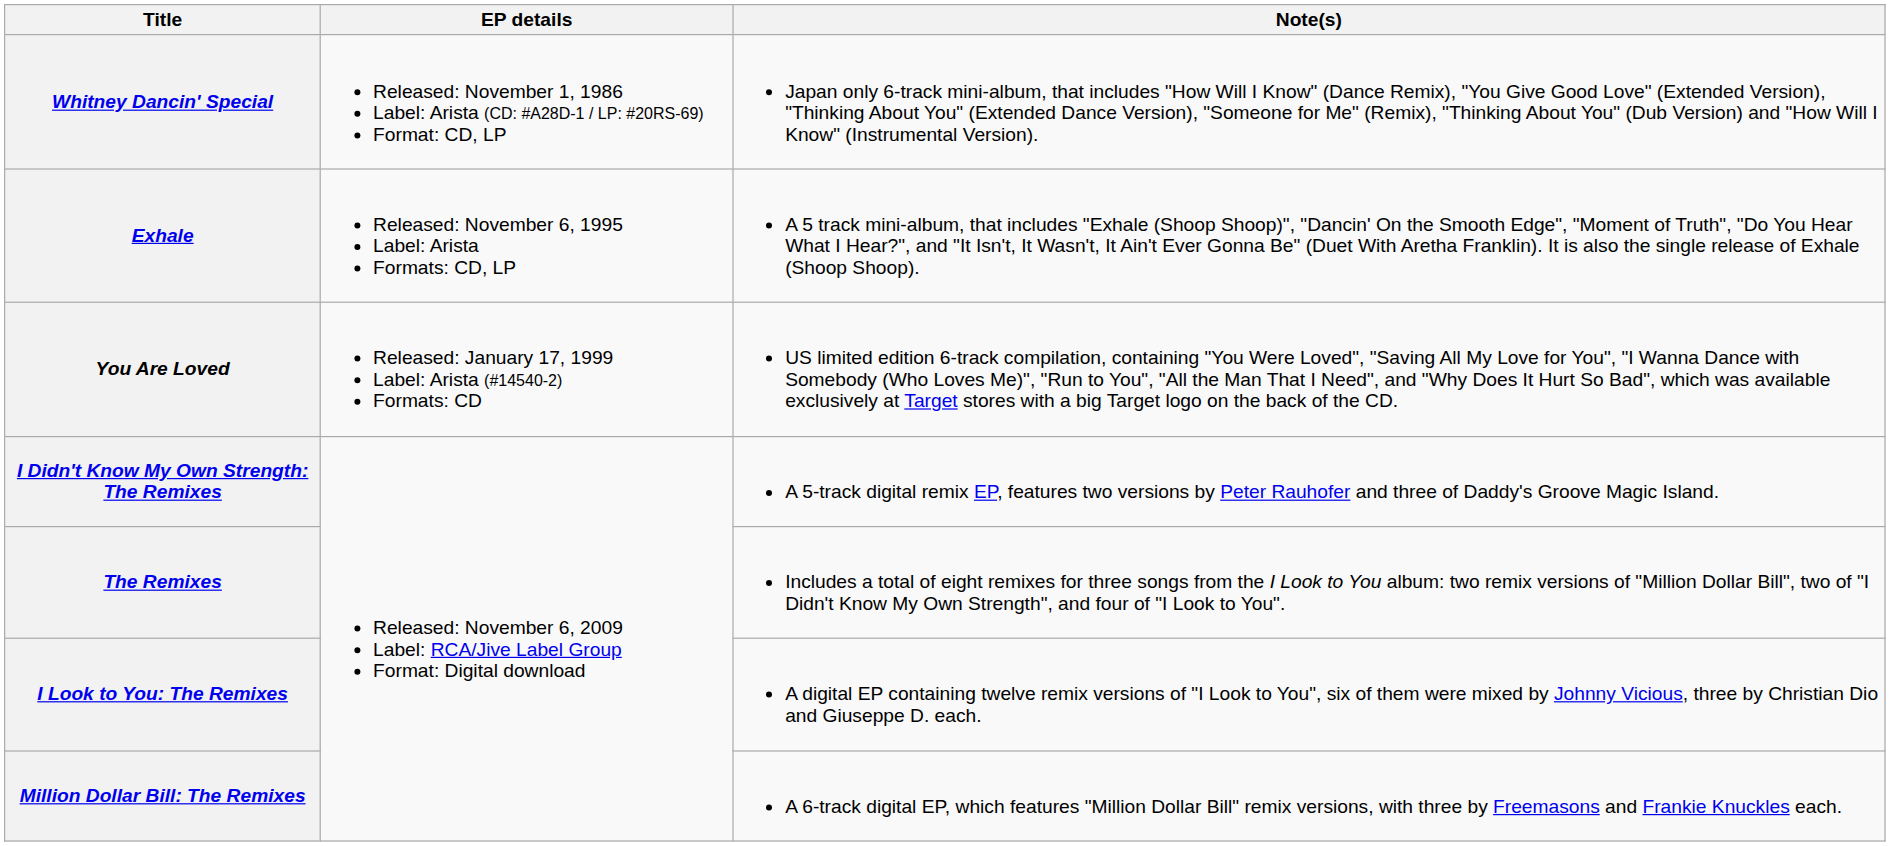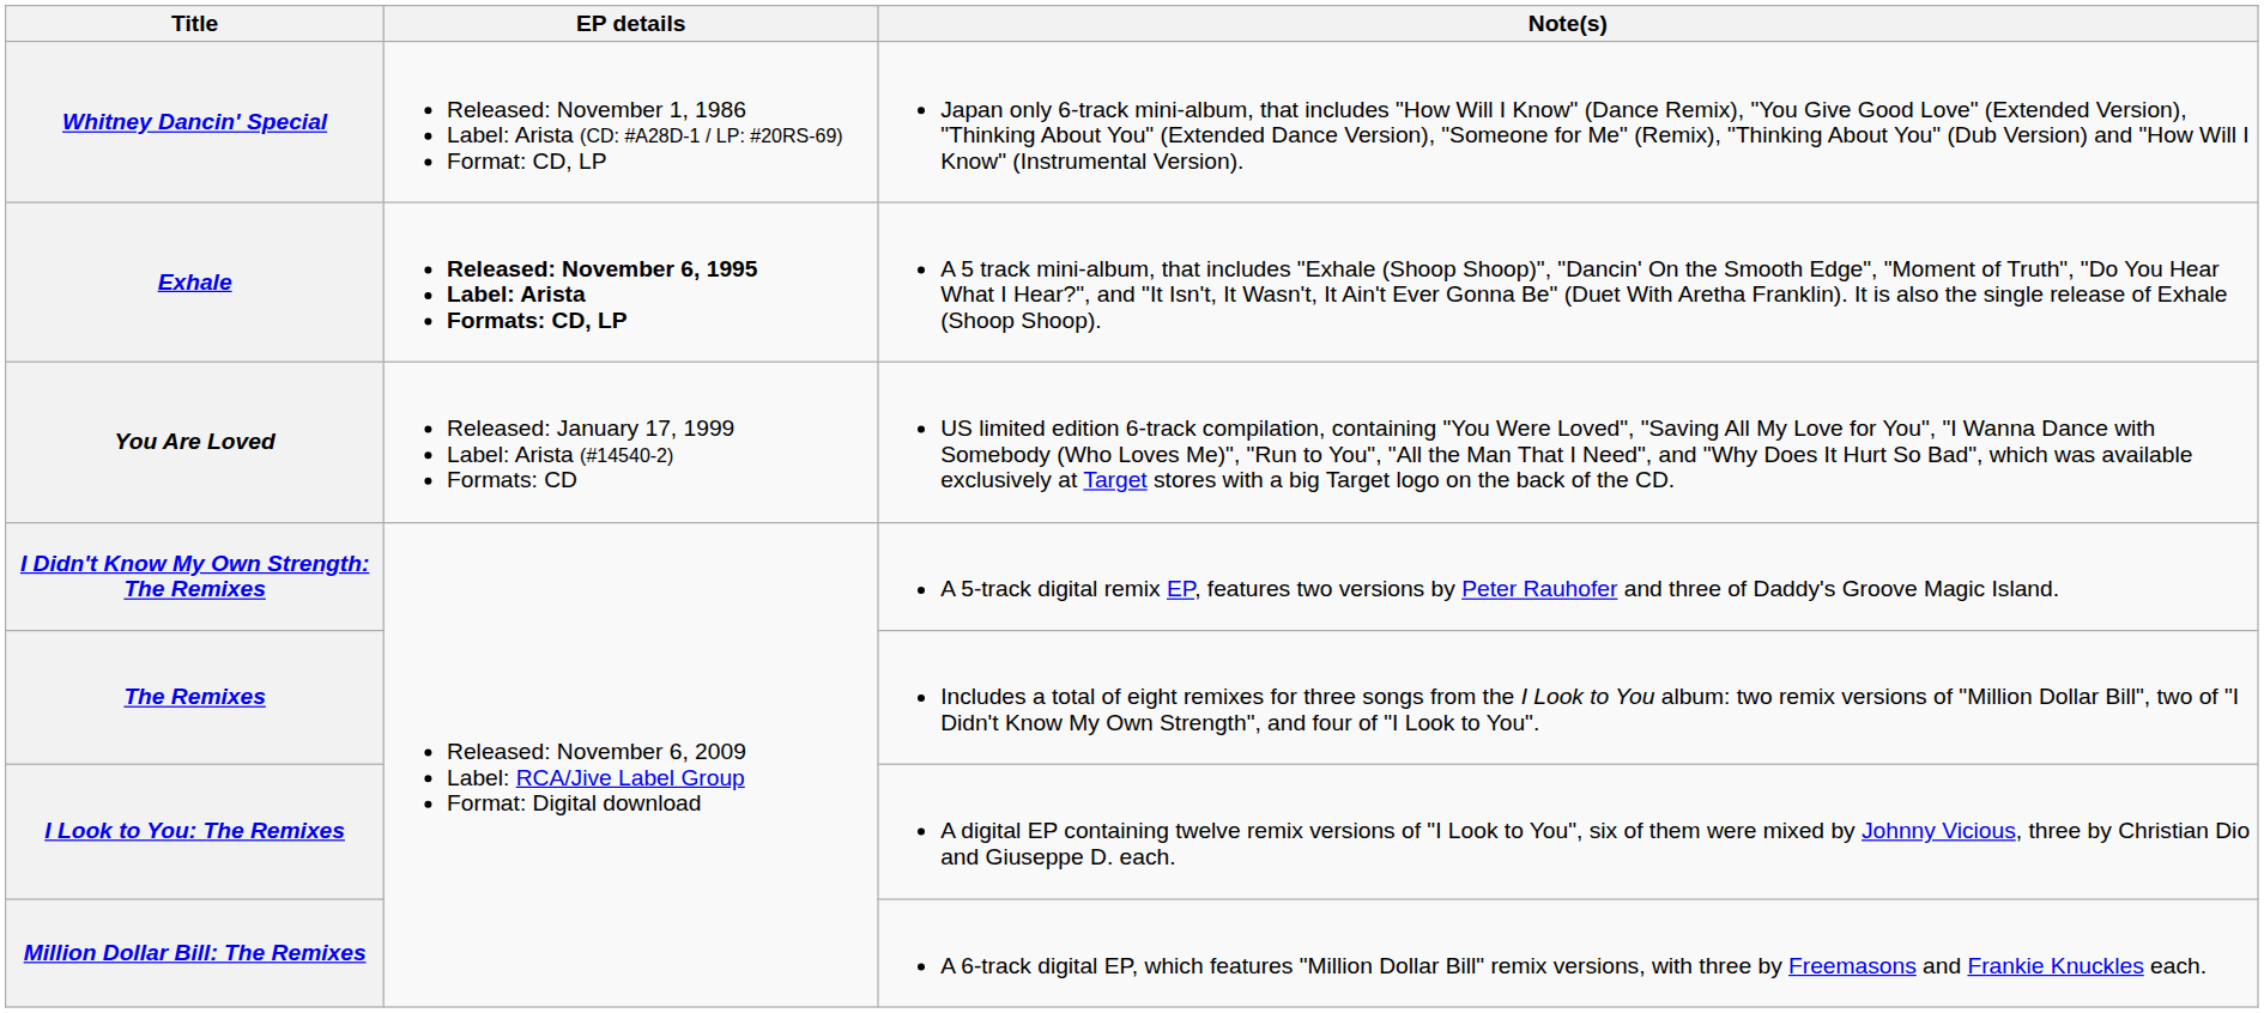 <table class="wikitable plainrowheaders">
 <tr>
 <th scope="col" style="width:16em;">Title</th>
 <th scope="col" style="width:21em;">EP details</th>
 <th scope="col">Note(s)</th>
 </tr>
 <tr>
 <th scope="row"><em><a href='#'>Whitney Dancin' Special</a></em></th>
 <td><br><ul><li>Released: November 1, 1986</li><li>Label: Arista <small>(CD: #A28D-1 / LP: #20RS-69)</small></li><li>Format: CD, LP</li></ul></td>
 <td><br><ul><li>Japan only 6-track mini-album, that includes "How Will I Know" (Dance Remix), "You Give Good Love" (Extended Version), "Thinking About You" (Extended Dance Version), "Someone for Me" (Remix), "Thinking About You" (Dub Version) and "How Will I Know" (Instrumental Version).</li></ul></td>
 </tr>
 <tr>
 <th scope="row"><em><a href='#'>Exhale</a></em></th>
-<td><br><ul><li>Released: November 6, 1995</li><li>Label: Arista</li><li>Formats: CD, LP</li></ul></td>
+<td><strong><br><ul><li>Released: November 6, 1995</li><li>Label: Arista</li><li>Formats: CD, LP</li></ul></strong></td>
 <td><br><ul><li>A 5 track mini-album, that includes "Exhale (Shoop Shoop)", "Dancin' On the Smooth Edge", "Moment of Truth", "Do You Hear What I Hear?", and "It Isn't, It Wasn't, It Ain't Ever Gonna Be" (Duet With Aretha Franklin). It is also the single release of Exhale (Shoop Shoop).</li></ul></td>
 </tr>
 <tr>
 <th scope="row"><em>You Are Loved</em></th>
 <td><br><ul><li>Released: January 17, 1999</li><li>Label: Arista <small>(#14540-2)</small></li><li>Formats: CD</li></ul></td>
 <td><br><ul><li>US limited edition 6-track compilation, containing "You Were Loved", "Saving All My Love for You", "I Wanna Dance with Somebody (Who Loves Me)", "Run to You", "All the Man That I Need", and "Why Does It Hurt So Bad", which was available exclusively at <a href='#'>Target</a> stores with a big Target logo on the back of the CD.</li></ul></td>
 </tr>
 <tr>
 <th scope="row"><em><a href='#'>I Didn't Know My Own Strength:<br>The Remixes</a></em></th>
 <td rowspan="4"><br><ul><li>Released: November 6, 2009</li><li>Label: <a href='#'>RCA/Jive Label Group</a></li><li>Format: Digital download</li></ul></td>
 <td><br><ul><li>A 5-track digital remix <a href='#'>EP</a>, features two versions by <a href='#'>Peter Rauhofer</a> and three of Daddy's Groove Magic Island.</li></ul></td>
 </tr>
 <tr>
 <th scope="row"><em><a href='#'>The Remixes</a></em></th>
 <td><br><ul><li>Includes a total of eight remixes for three songs from the <em>I Look to You</em> album: two remix versions of "Million Dollar Bill", two of "I Didn't Know My Own Strength", and four of "I Look to You".</li></ul></td>
 </tr>
 <tr>
 <th scope="row"><em><a href='#'>I Look to You: The Remixes</a></em></th>
 <td><br><ul><li>A digital EP containing twelve remix versions of "I Look to You", six of them were mixed by <a href='#'>Johnny Vicious</a>, three by Christian Dio and Giuseppe D. each.</li></ul></td>
 </tr>
 <tr>
 <th scope="row"><em><a href='#'>Million Dollar Bill: The Remixes</a></em></th>
 <td><br><ul><li>A 6-track digital EP, which features "Million Dollar Bill" remix versions, with three by <a href='#'>Freemasons</a> and <a href='#'>Frankie Knuckles</a> each.</li></ul></td>
 </tr>
 </table>
